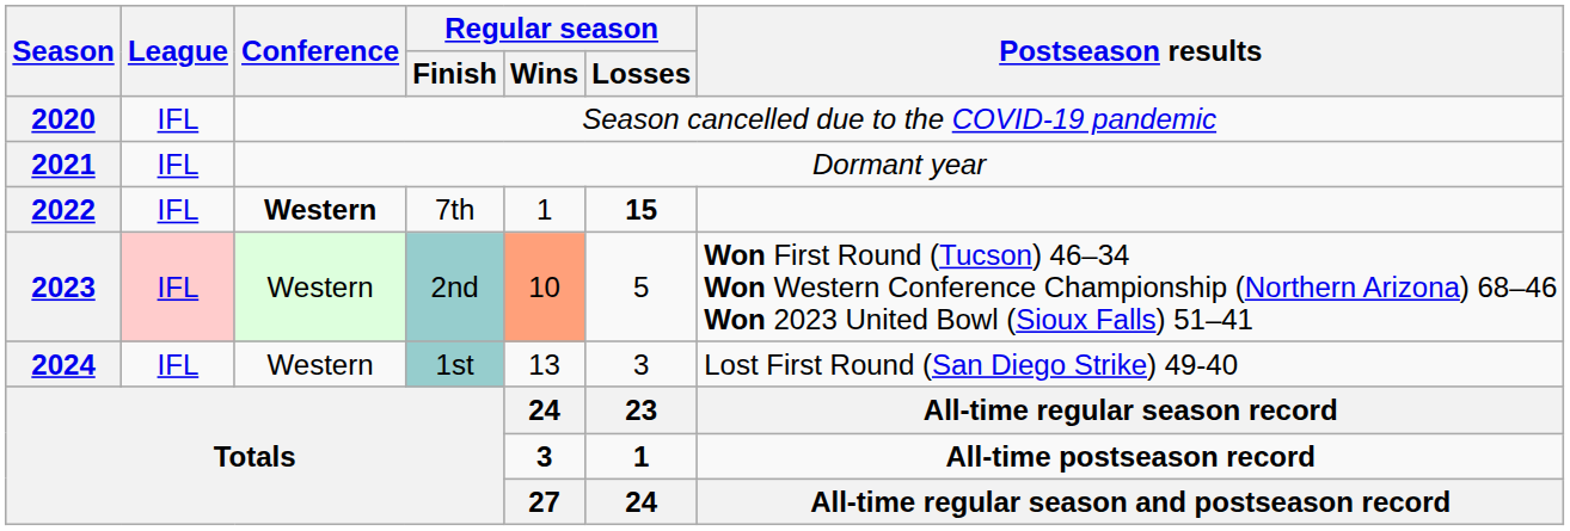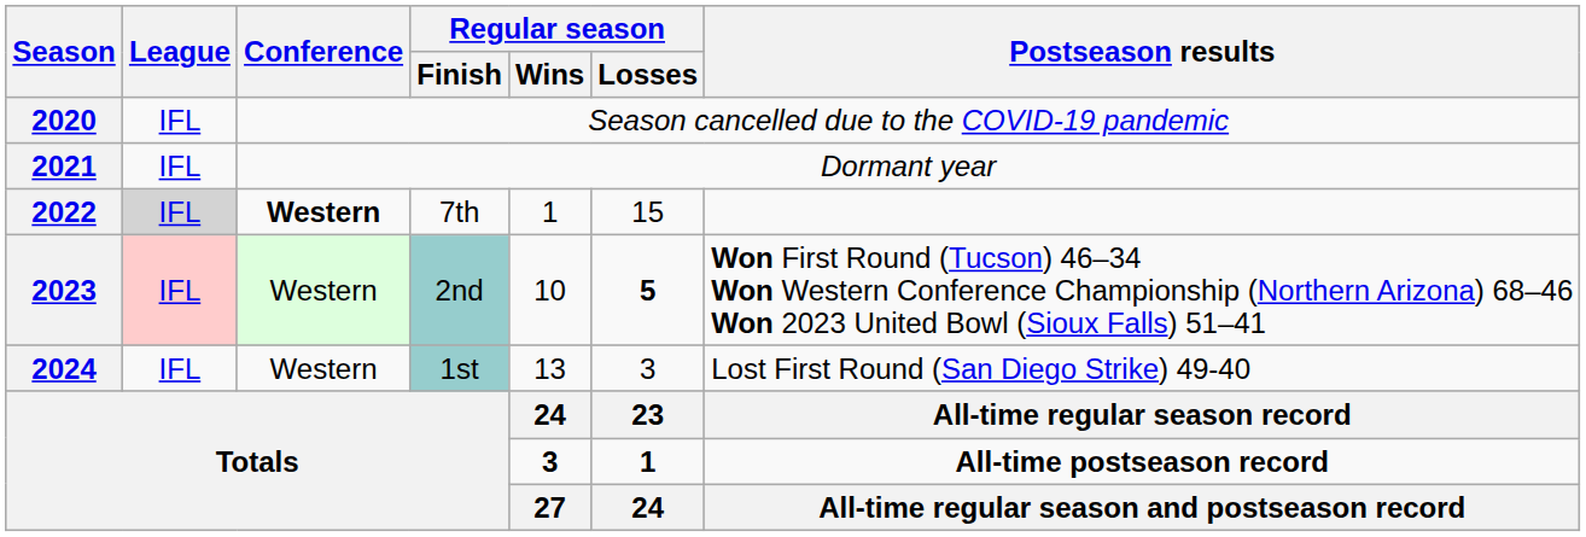 <table class="wikitable" style="text-align:center; font-size: 95%;">
 <tr>
 <th rowspan="2"><a href='#'>Season</a></th>
 <th rowspan="2"><a href='#'>League</a></th>
 <th rowspan="2"><a href='#'>Conference</a></th>
 <th colspan="3"><a href='#'>Regular season</a></th>
 <th rowspan="2"><a href='#'>Postseason</a> results</th>
 </tr>
 <tr>
 <th>Finish</th>
 <th>Wins</th>
 <th>Losses</th>
 </tr>
 <tr>
 <th><a href='#'>2020</a></th>
 <td><a href='#'>IFL</a></td>
 <td colspan="5"><em>Season cancelled due to the <a href='#'>COVID-19 pandemic</a></em></td>
 </tr>
 <tr>
 <th><a href='#'>2021</a></th>
 <td><a href='#'>IFL</a></td>
 <td colspan="5"><em>Dormant year</em></td>
 </tr>
 <tr>
 <th><a href='#'>2022</a></th>
-<td><a href='#'>IFL</a></td>
+<td style="background: lightgrey;"><a href='#'>IFL</a></td>
 <td><strong>Western</strong></td>
 <td>7th</td>
 <td>1</td>
-<td><strong>15</strong></td>
+<td>15</td>
 <td></td>
 </tr>
 <tr>
 <th><a href='#'>2023</a></th>
 <td style="background:#fcc;"><a href='#'>IFL</a></td>
 <td style="background:#dfd;">Western</td>
 <td style="background:#96cdcd;">2nd</td>
-<td style="background: lightsalmon;">10</td>
-<td>5</td>
+<td>10</td>
+<td><strong>5</strong></td>
 <td align=left><strong>Won</strong> First Round (<a href='#'>Tucson</a>) 46–34 <br><strong>Won</strong> Western Conference Championship (<a href='#'>Northern Arizona</a>) 68–46 <br><strong>Won</strong> 2023 United Bowl (<a href='#'>Sioux Falls</a>) 51–41</td>
 </tr>
 <tr>
 <th><a href='#'>2024</a></th>
 <td><a href='#'>IFL</a></td>
 <td>Western</td>
 <td style="background:#96cdcd;">1st</td>
 <td>13</td>
 <td>3</td>
 <td align=left>Lost First Round (<a href='#'>San Diego Strike</a>) 49-40</td>
 </tr>
 <tr>
 <th rowspan="4" colspan="4">Totals</th>
 <th>24</th>
 <th>23</th>
 <th>All-time regular season record</th>
 </tr>
 <tr>
 <td><strong>3</strong></td>
 <td><strong>1</strong></td>
 <td><strong>All-time postseason record</strong></td>
 </tr>
 <tr>
 <th>27</th>
 <th>24</th>
 <th>All-time regular season and postseason record</th>
 </tr>
 </table>
